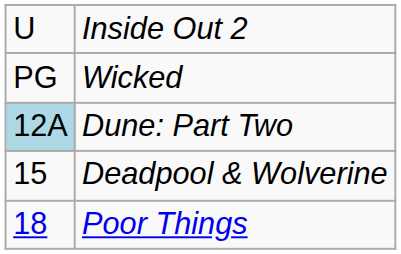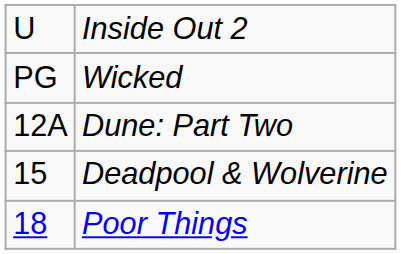 <table class="wikitable sortable" style="margin:auto; margin:auto;">
 <tr>
 <td>U</td>
 <td><em>Inside Out 2</em></td>
 </tr>
 <tr>
 <td>PG</td>
 <td><em>Wicked</em></td>
 </tr>
 <tr>
-<td style="background: lightblue;">12A</td>
+<td>12A</td>
 <td><em>Dune: Part Two</em></td>
 </tr>
 <tr>
 <td>15</td>
 <td><em>Deadpool & Wolverine</em></td>
 </tr>
 <tr>
 <td><a href='#'>18</a></td>
 <td><em><a href='#'>Poor Things</a></em></td>
 </tr>
 </table>
